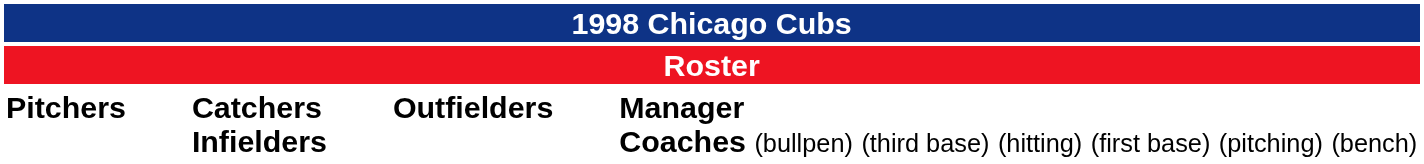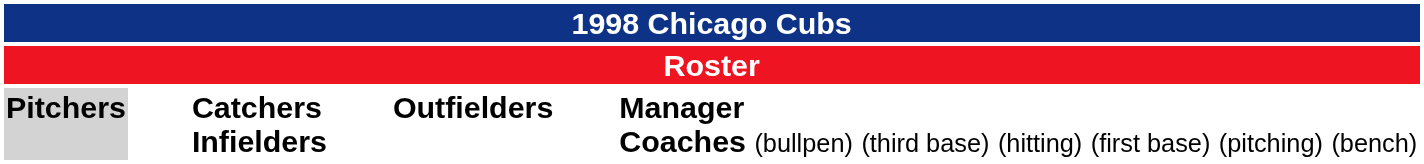 <table class="toccolours" style="font-size: 95%;">
 <tr>
 <th colspan="10" style="background-color: #0e3386; color: #FFFFFF; text-align: center;">1998 Chicago Cubs</th>
 </tr>
 <tr>
 <td colspan="10" style="background-color: #EE1422; color: #FFFFFF; text-align: center;"><strong>Roster</strong></td>
 </tr>
 <tr>
-<td valign="top"><strong>Pitchers</strong><br>                        </td>
+<td valign="top" style="background: lightgrey;"><strong>Pitchers</strong><br>                        </td>
 <td width="25px"></td>
 <td valign="top"><strong>Catchers</strong><br>   <strong>Infielders</strong>          </td>
 <td width="25px"></td>
 <td valign="top"><strong>Outfielders</strong><br>         </td>
 <td width="25px"></td>
 <td valign="top"><strong>Manager</strong><br> <strong>Coaches</strong>  <small>(bullpen)</small>  <small>(third base)</small>  <small>(hitting)</small>  <small>(first base)</small>  <small>(pitching)</small>  <small>(bench)</small></td>
 </tr>
 </table>
